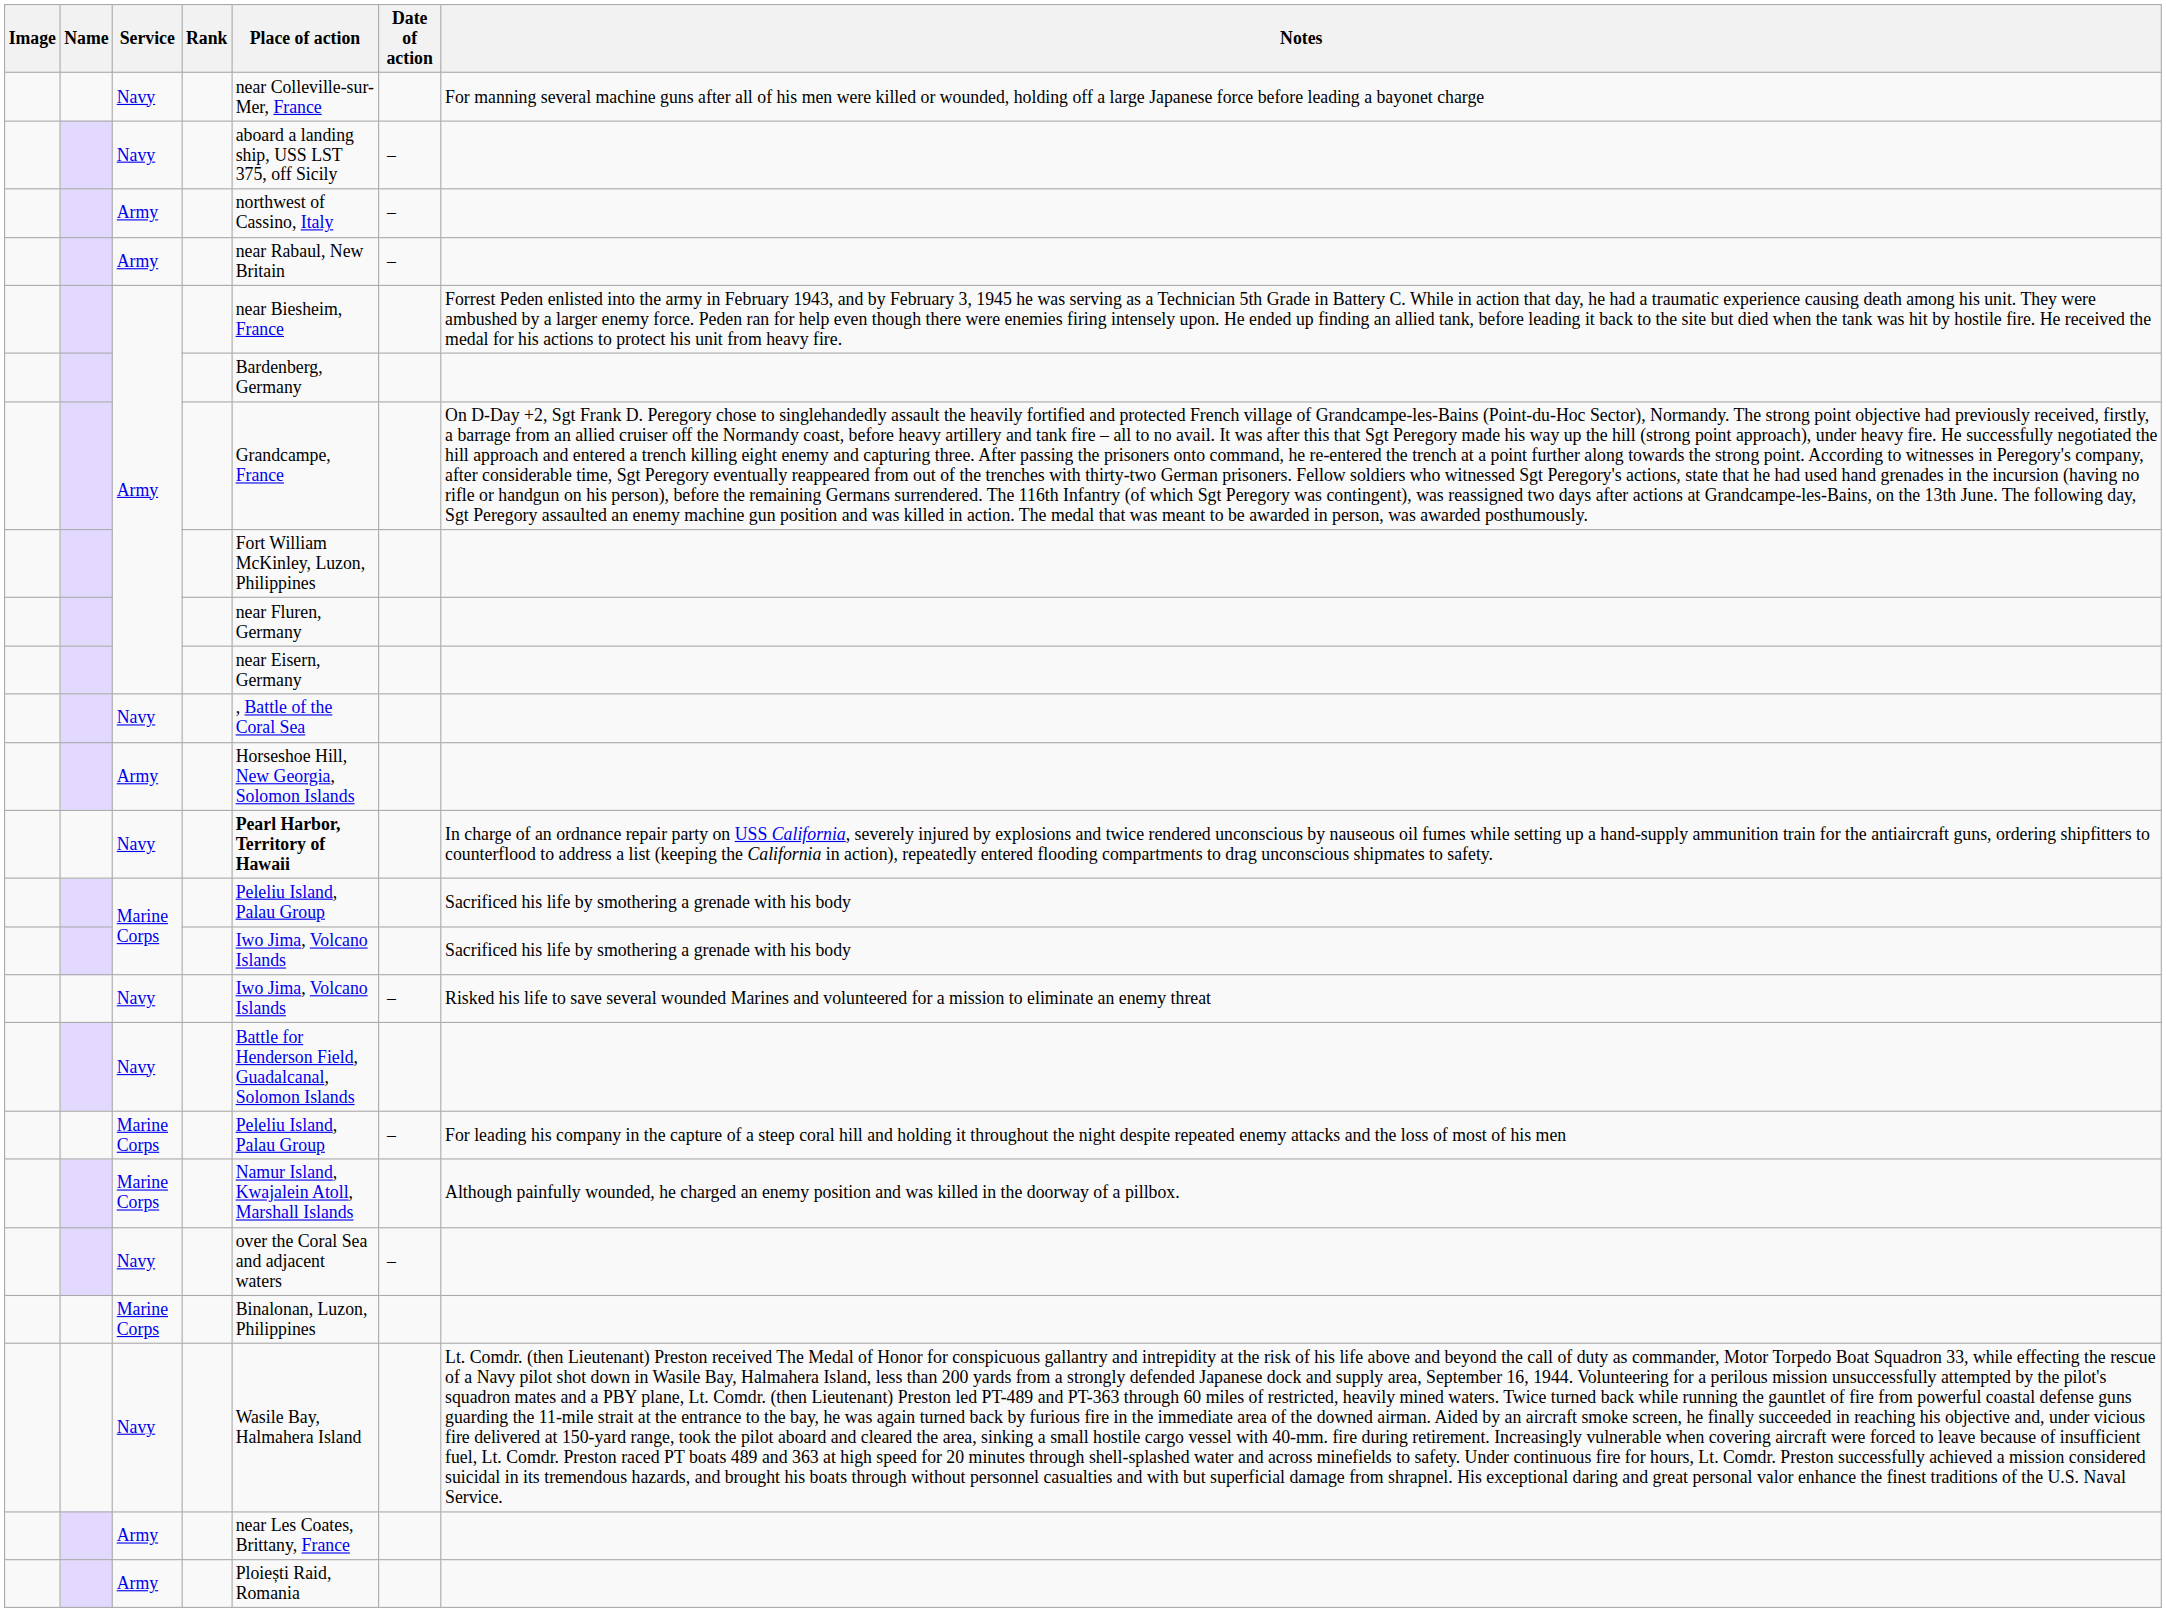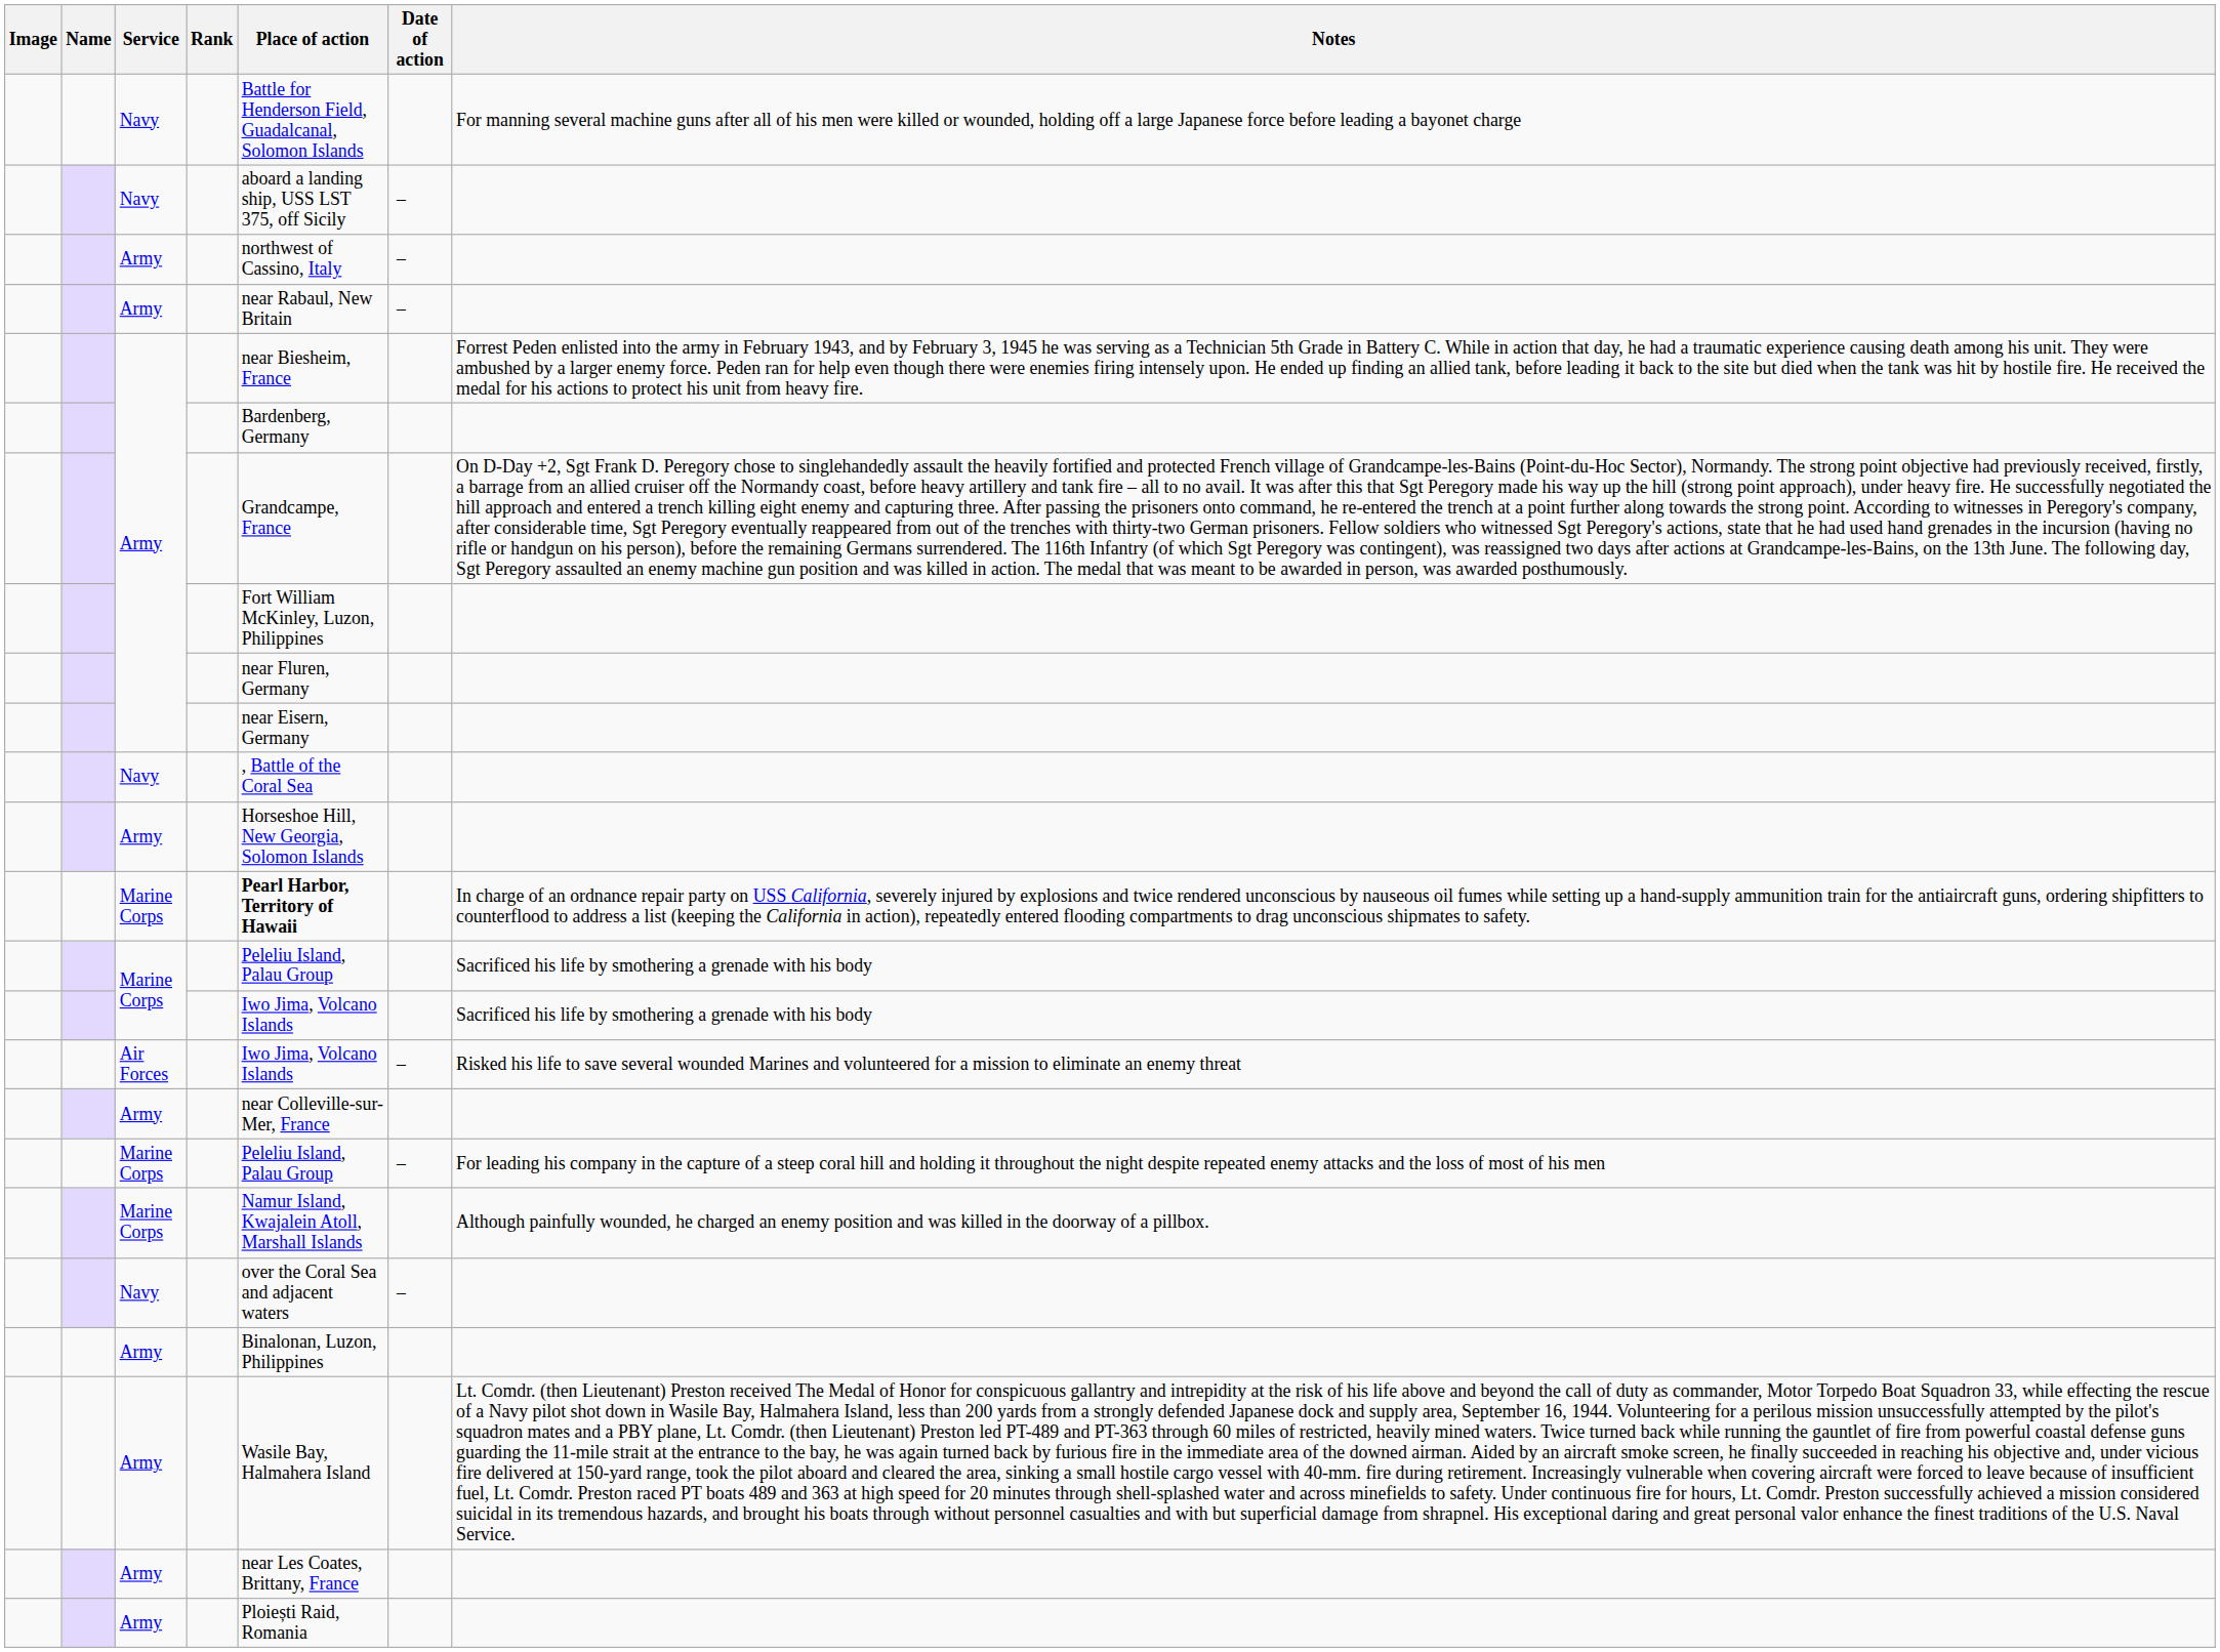 <table class="wikitable sortable" width="98%">
 <tr>
 <th class="unsortable">Image</th>
 <th>Name</th>
 <th>Service</th>
 <th>Rank</th>
 <th>Place of action</th>
 <th>Date of action</th>
 <th class="unsortable">Notes</th>
 </tr>
 <tr>
 <td></td>
 <td></td>
 <td><a href='#'>Navy</a></td>
 <td></td>
-<td>near Colleville-sur-Mer, <a href='#'>France</a></td>
+<td><a href='#'>Battle for Henderson Field</a>, <a href='#'>Guadalcanal</a>, <a href='#'>Solomon Islands</a></td>
 <td></td>
 <td>For manning several machine guns after all of his men were killed or wounded, holding off a large Japanese force before leading a bayonet charge</td>
 </tr>
 <tr>
 <td></td>
 <td style="background:#e3d9ff;"></td>
 <td><a href='#'>Navy</a></td>
 <td></td>
 <td>aboard a landing ship, USS LST 375, off Sicily</td>
 <td> – </td>
 <td></td>
 </tr>
 <tr>
 <td></td>
 <td style="background:#e3d9ff;"></td>
 <td><a href='#'>Army</a></td>
 <td></td>
 <td>northwest of Cassino, <a href='#'>Italy</a></td>
 <td> – </td>
 <td></td>
 </tr>
 <tr>
 <td></td>
 <td style="background:#e3d9ff;"></td>
 <td><a href='#'>Army</a></td>
 <td></td>
 <td>near Rabaul, New Britain</td>
 <td> – </td>
 <td></td>
 </tr>
 <tr>
 <td></td>
 <td style="background:#e3d9ff;"></td>
 <td rowspan="6"><a href='#'>Army</a></td>
 <td></td>
 <td>near Biesheim, <a href='#'>France</a></td>
 <td></td>
 <td>Forrest Peden enlisted into the army in February 1943, and by February 3, 1945 he was serving as a Technician 5th Grade in Battery C. While in action that day, he had a traumatic experience causing death among his unit. They were ambushed by a larger enemy force. Peden ran for help even though there were enemies firing intensely upon. He ended up finding an allied tank, before leading it back to the site but died when the tank was hit by hostile fire. He received the medal for his actions to protect his unit from heavy fire.</td>
 </tr>
 <tr>
 <td></td>
 <td style="background:#e3d9ff;"></td>
 <td></td>
 <td>Bardenberg, Germany</td>
 <td></td>
 <td></td>
 </tr>
 <tr>
 <td></td>
 <td style="background:#e3d9ff;"></td>
 <td></td>
 <td>Grandcampe, <a href='#'>France</a></td>
 <td></td>
 <td>On D-Day +2, Sgt Frank D. Peregory chose to singlehandedly assault the heavily fortified and protected French village of Grandcampe-les-Bains (Point-du-Hoc Sector), Normandy. The strong point objective had previously received, firstly, a barrage from an allied cruiser off the Normandy coast, before heavy artillery and tank fire – all to no avail. It was after this that Sgt Peregory made his way up the hill (strong point approach), under heavy fire.  He successfully negotiated the hill approach and entered a trench killing eight enemy and capturing three.  After passing the prisoners onto command, he re-entered the trench at a point further along towards the strong point.  According to witnesses in Peregory's company, after considerable time, Sgt Peregory eventually reappeared from out of the trenches with thirty-two German prisoners.  Fellow soldiers who witnessed Sgt Peregory's actions, state that he had used hand grenades in the incursion (having no rifle or handgun on his person), before the remaining Germans surrendered.  The 116th Infantry (of which Sgt Peregory was contingent), was reassigned two days after actions at Grandcampe-les-Bains, on the 13th June.  The following day, Sgt Peregory assaulted an enemy machine gun position and was killed in action.  The medal that was meant to be awarded in person, was awarded posthumously.</td>
 </tr>
 <tr>
 <td></td>
 <td style="background:#e3d9ff;"></td>
 <td></td>
 <td>Fort William McKinley, Luzon, Philippines</td>
 <td></td>
 <td></td>
 </tr>
 <tr>
 <td></td>
 <td style="background:#e3d9ff;"></td>
 <td></td>
 <td>near Fluren, Germany</td>
 <td></td>
 <td></td>
 </tr>
 <tr>
 <td></td>
 <td style="background:#e3d9ff;"></td>
 <td></td>
 <td>near Eisern, Germany</td>
 <td></td>
 <td></td>
 </tr>
 <tr>
 <td></td>
 <td style="background:#e3d9ff;"></td>
 <td><a href='#'>Navy</a></td>
 <td></td>
 <td>, <a href='#'>Battle of the Coral Sea</a></td>
 <td></td>
 <td></td>
 </tr>
 <tr>
 <td></td>
 <td style="background:#e3d9ff;"></td>
 <td><a href='#'>Army</a></td>
 <td></td>
 <td>Horseshoe Hill, <a href='#'>New Georgia</a>, <a href='#'>Solomon Islands</a></td>
 <td></td>
 <td></td>
 </tr>
 <tr>
 <td></td>
 <td></td>
-<td><a href='#'>Navy</a></td>
+<td><a href='#'>Marine Corps</a></td>
 <td></td>
 <td><strong>Pearl Harbor, Territory of Hawaii</strong></td>
 <td></td>
 <td>In charge of an ordnance repair party on <a href='#'>USS <em>California</em></a>, severely injured by explosions and twice rendered unconscious by nauseous oil fumes while setting up a hand-supply ammunition train for the antiaircraft guns, ordering shipfitters to counterflood to address a list (keeping the <em>California</em> in action), repeatedly entered flooding compartments to drag unconscious shipmates to safety.</td>
 </tr>
 <tr>
 <td></td>
 <td style="background:#e3d9ff;"></td>
 <td rowspan="2"><a href='#'>Marine Corps</a></td>
 <td></td>
 <td><a href='#'>Peleliu Island</a>, <a href='#'>Palau Group</a></td>
 <td></td>
 <td>Sacrificed his life by smothering a grenade with his body</td>
 </tr>
 <tr>
 <td></td>
 <td style="background:#e3d9ff;"></td>
 <td></td>
 <td><a href='#'>Iwo Jima</a>, <a href='#'>Volcano Islands</a></td>
 <td></td>
 <td>Sacrificed his life by smothering a grenade with his body</td>
 </tr>
 <tr>
 <td></td>
 <td></td>
-<td><a href='#'>Navy</a></td>
+<td><a href='#'>Air Forces</a></td>
 <td></td>
 <td><a href='#'>Iwo Jima</a>, <a href='#'>Volcano Islands</a></td>
 <td> – </td>
 <td>Risked his life to save several wounded Marines and volunteered for a mission to eliminate an enemy threat</td>
 </tr>
 <tr>
 <td></td>
 <td style="background:#e3d9ff;"></td>
-<td><a href='#'>Navy</a></td>
+<td><a href='#'>Army</a></td>
 <td></td>
-<td><a href='#'>Battle for Henderson Field</a>, <a href='#'>Guadalcanal</a>, <a href='#'>Solomon Islands</a></td>
+<td>near Colleville-sur-Mer, <a href='#'>France</a></td>
 <td></td>
 <td></td>
 </tr>
 <tr>
 <td></td>
 <td></td>
 <td><a href='#'>Marine Corps</a></td>
 <td></td>
 <td><a href='#'>Peleliu Island</a>, <a href='#'>Palau Group</a></td>
 <td> – </td>
 <td>For leading his company in the capture of a steep coral hill and holding it throughout the night despite repeated enemy attacks and the loss of most of his men</td>
 </tr>
 <tr>
 <td></td>
 <td style="background:#e3d9ff;"></td>
 <td><a href='#'>Marine Corps</a></td>
 <td></td>
 <td><a href='#'>Namur Island</a>, <a href='#'>Kwajalein Atoll</a>, <a href='#'>Marshall Islands</a></td>
 <td></td>
 <td>Although painfully wounded, he charged an enemy position and was killed in the doorway of a pillbox.</td>
 </tr>
 <tr>
 <td></td>
 <td style="background:#e3d9ff;"></td>
 <td><a href='#'>Navy</a></td>
 <td></td>
 <td>over the Coral Sea and adjacent waters</td>
 <td> – </td>
 <td></td>
 </tr>
 <tr>
 <td></td>
 <td></td>
-<td><a href='#'>Marine Corps</a></td>
+<td><a href='#'>Army</a></td>
 <td></td>
 <td>Binalonan, Luzon, Philippines</td>
 <td></td>
 <td></td>
 </tr>
 <tr>
 <td></td>
 <td></td>
-<td><a href='#'>Navy</a></td>
+<td><a href='#'>Army</a></td>
 <td></td>
 <td>Wasile Bay, Halmahera Island</td>
 <td></td>
 <td>Lt. Comdr. (then Lieutenant) Preston received The Medal of Honor for conspicuous gallantry and intrepidity at the risk of his life above and beyond the call of duty as commander, Motor Torpedo Boat Squadron 33, while effecting the rescue of a Navy pilot shot down in Wasile Bay, Halmahera Island, less than 200 yards from a strongly defended Japanese dock and supply area, September 16, 1944. Volunteering for a perilous mission unsuccessfully attempted by the pilot's squadron mates and a PBY plane, Lt. Comdr. (then Lieutenant) Preston led PT-489 and PT-363 through 60 miles of restricted, heavily mined waters. Twice turned back while running the gauntlet of fire from powerful coastal defense guns guarding the 11-mile strait at the entrance to the bay, he was again turned back by furious fire in the immediate area of the downed airman. Aided by an aircraft smoke screen, he finally succeeded in reaching his objective and, under vicious fire delivered at 150-yard range, took the pilot aboard and cleared the area, sinking a small hostile cargo vessel with 40-mm. fire during retirement. Increasingly vulnerable when covering aircraft were forced to leave because of insufficient fuel, Lt. Comdr. Preston raced PT boats 489 and 363 at high speed for 20 minutes through shell-splashed water and across minefields to safety. Under continuous fire for  hours, Lt. Comdr. Preston successfully achieved a mission considered suicidal in its tremendous hazards, and brought his boats through without personnel casualties and with but superficial damage from shrapnel. His exceptional daring and great personal valor enhance the finest traditions of the U.S. Naval Service.</td>
 </tr>
 <tr>
 <td></td>
 <td style="background:#e3d9ff;"></td>
 <td><a href='#'>Army</a></td>
 <td></td>
 <td>near Les Coates, Brittany, <a href='#'>France</a></td>
 <td></td>
 <td></td>
 </tr>
 <tr>
 <td></td>
 <td style="background:#e3d9ff;"></td>
 <td><a href='#'>Army</a></td>
 <td></td>
 <td>Ploiești Raid, Romania</td>
 <td></td>
 <td></td>
 </tr>
 </table>
